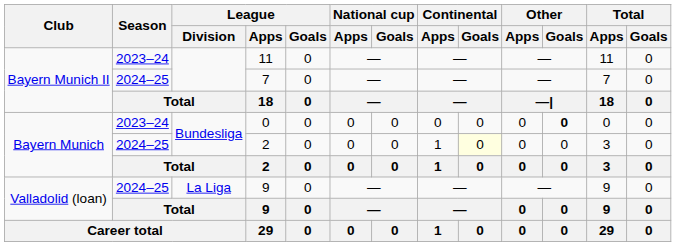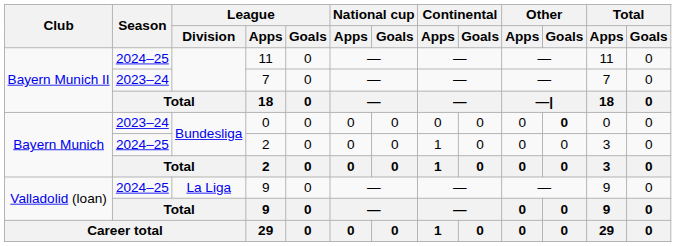 <table class="wikitable" style="text-align:center">
 <tr>
 <th rowspan="2">Club</th>
 <th rowspan="2">Season</th>
 <th colspan="3">League</th>
 <th colspan="2">National cup</th>
 <th colspan="2">Continental</th>
 <th colspan="2">Other</th>
 <th colspan="2">Total</th>
 </tr>
 <tr>
 <th>Division</th>
 <th>Apps</th>
 <th>Goals</th>
 <th>Apps</th>
 <th>Goals</th>
 <th>Apps</th>
 <th>Goals</th>
 <th>Apps</th>
 <th>Goals</th>
 <th>Apps</th>
 <th>Goals</th>
 </tr>
 <tr>
 <td rowspan="3"><a href='#'>Bayern Munich II</a></td>
-<td><a href='#'>2023–24</a></td>
+<td><a href='#'>2024–25</a></td>
 <td rowspan="2"></td>
 <td>11</td>
 <td>0</td>
 <td colspan="2">—</td>
 <td colspan="2">—</td>
 <td colspan="2">—</td>
 <td>11</td>
 <td>0</td>
 </tr>
 <tr>
-<td><a href='#'>2024–25</a></td>
+<td><a href='#'>2023–24</a></td>
 <td>7</td>
 <td>0</td>
 <td colspan="2">—</td>
 <td colspan="2">—</td>
 <td colspan="2">—</td>
 <td>7</td>
 <td>0</td>
 </tr>
 <tr>
 <th colspan="2">Total</th>
 <th>18</th>
 <th>0</th>
 <th colspan="2">—</th>
 <th colspan="2">—</th>
 <th colspan="2">—|</th>
 <th>18</th>
 <th>0</th>
 </tr>
 <tr>
 <td rowspan="3"><a href='#'>Bayern Munich</a></td>
 <td><a href='#'>2023–24</a></td>
 <td rowspan="2"><a href='#'>Bundesliga</a></td>
 <td>0</td>
 <td>0</td>
 <td>0</td>
 <td>0</td>
 <td>0</td>
 <td>0</td>
 <td>0</td>
 <td><strong>0</strong></td>
 <td>0</td>
 <td>0</td>
 </tr>
 <tr>
 <td><a href='#'>2024–25</a></td>
 <td>2</td>
 <td>0</td>
 <td>0</td>
 <td>0</td>
 <td>1</td>
-<td style="background: lightyellow;">0</td>
+<td>0</td>
 <td>0</td>
 <td>0</td>
 <td>3</td>
 <td>0</td>
 </tr>
 <tr>
 <th colspan="2">Total</th>
 <th>2</th>
 <th>0</th>
 <th>0</th>
 <th>0</th>
 <th>1</th>
 <th>0</th>
 <th>0</th>
 <th>0</th>
 <th>3</th>
 <th>0</th>
 </tr>
 <tr>
 <td rowspan="2"><a href='#'>Valladolid</a> (loan)</td>
 <td><a href='#'>2024–25</a></td>
 <td><a href='#'>La Liga</a></td>
 <td>9</td>
 <td>0</td>
 <td colspan="2">—</td>
 <td colspan="2">—</td>
 <td colspan="2">—</td>
 <td>9</td>
 <td>0</td>
 </tr>
 <tr>
 <th colspan="2">Total</th>
 <th>9</th>
 <th>0</th>
 <th colspan="2">—</th>
 <th colspan="2">—</th>
 <th>0</th>
 <th>0</th>
 <th>9</th>
 <th>0</th>
 </tr>
 <tr>
 <th colspan="3">Career total</th>
 <th>29</th>
 <th>0</th>
 <th>0</th>
 <th>0</th>
 <th>1</th>
 <th>0</th>
 <th>0</th>
 <th>0</th>
 <th>29</th>
 <th>0</th>
 </tr>
 </table>
